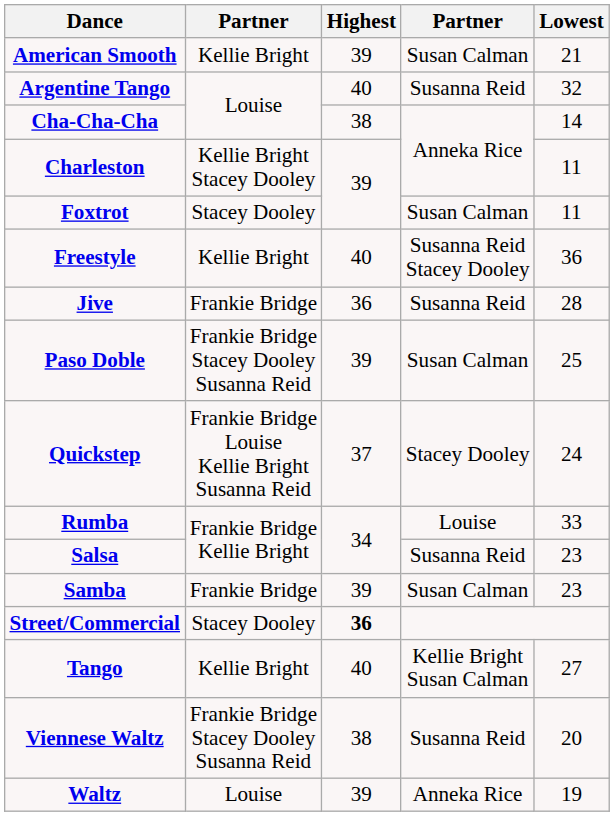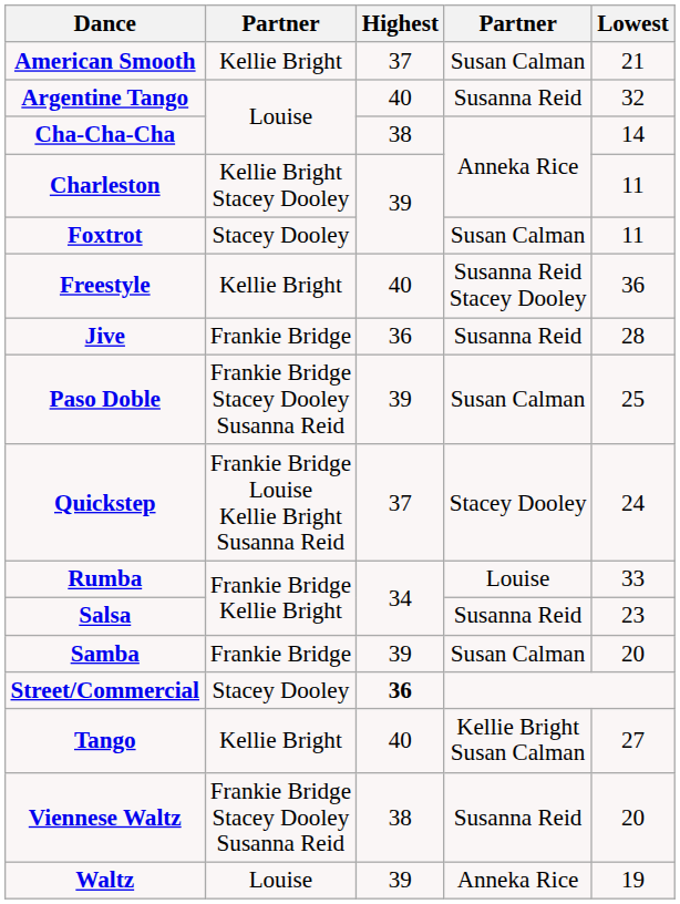 <table class="wikitable sortable collapsed">
 <tr style="text-align:Center; background:#cc;">
 <th>Dance</th>
 <th>Partner</th>
 <th>Highest</th>
 <th>Partner</th>
 <th>Lowest</th>
 </tr>
 <tr style="text-align: center; background:#faf6f6;#">
 <td><strong><a href='#'>American Smooth</a></strong></td>
 <td>Kellie Bright</td>
-<td>39</td>
+<td>37</td>
 <td>Susan Calman</td>
 <td>21</td>
 </tr>
 <tr style="text-align: center; background:#faf6f6;">
 <td><strong><a href='#'>Argentine Tango</a></strong></td>
 <td rowspan="2">Louise</td>
 <td>40</td>
 <td>Susanna Reid</td>
 <td>32</td>
 </tr>
 <tr style="text-align: center; background:#faf6f6;">
 <td><strong><a href='#'>Cha-Cha-Cha</a></strong></td>
 <td>38</td>
 <td rowspan="2">Anneka Rice</td>
 <td>14</td>
 </tr>
 <tr style="text-align: center; background:#faf6f6;">
 <td><strong><a href='#'>Charleston</a></strong></td>
 <td>Kellie Bright<br>Stacey Dooley</td>
 <td rowspan="2">39</td>
 <td>11</td>
 </tr>
 <tr style="text-align: center; background:#faf6f6;">
 <td><strong><a href='#'>Foxtrot</a></strong></td>
 <td>Stacey Dooley</td>
 <td>Susan Calman</td>
 <td>11</td>
 </tr>
 <tr style="text-align: center; background:#faf6f6;">
 <td><strong><a href='#'>Freestyle</a></strong></td>
 <td>Kellie Bright</td>
 <td>40</td>
 <td>Susanna Reid<br>Stacey Dooley</td>
 <td>36</td>
 </tr>
 <tr style="text-align: center; background:#faf6f6;">
 <td><strong><a href='#'>Jive</a></strong></td>
 <td>Frankie Bridge</td>
 <td>36</td>
 <td>Susanna Reid</td>
 <td>28</td>
 </tr>
 <tr style="text-align: center; background:#faf6f6;">
 <td><strong><a href='#'>Paso Doble</a></strong></td>
 <td>Frankie Bridge<br>Stacey Dooley<br>Susanna Reid</td>
 <td>39</td>
 <td>Susan Calman</td>
 <td>25</td>
 </tr>
 <tr style="text-align: center; background:#faf6f6;">
 <td><strong><a href='#'>Quickstep</a></strong></td>
 <td>Frankie Bridge<br>Louise<br>Kellie Bright<br>Susanna Reid</td>
 <td>37</td>
 <td>Stacey Dooley</td>
 <td>24</td>
 </tr>
 <tr style="text-align: center; background:#faf6f6;">
 <td><strong><a href='#'>Rumba</a></strong></td>
 <td rowspan="2">Frankie Bridge<br>Kellie Bright</td>
 <td rowspan="2">34</td>
 <td>Louise</td>
 <td>33</td>
 </tr>
 <tr style="text-align: center; background:#faf6f6;">
 <td><strong><a href='#'>Salsa</a></strong></td>
 <td>Susanna Reid</td>
 <td>23</td>
 </tr>
 <tr style="text-align: center; background:#faf6f6;">
 <td><strong><a href='#'>Samba</a></strong></td>
 <td>Frankie Bridge</td>
 <td>39</td>
 <td>Susan Calman</td>
-<td>23</td>
+<td>20</td>
 </tr>
 <tr style="text-align: center; background:#faf6f6;">
 <td><a href='#'><strong>Street/Commercial</strong></a></td>
 <td>Stacey Dooley</td>
 <td><strong>36</strong></td>
 <td colspan="2"></td>
 </tr>
 <tr style="text-align: center; background:#faf6f6;">
 <td><strong><a href='#'>Tango</a></strong></td>
 <td>Kellie Bright</td>
 <td>40</td>
 <td>Kellie Bright<br>Susan Calman</td>
 <td>27</td>
 </tr>
 <tr style="text-align: center; background:#faf6f6;">
 <td><strong><a href='#'>Viennese Waltz</a></strong></td>
 <td>Frankie Bridge<br>Stacey Dooley<br>Susanna Reid</td>
 <td>38</td>
 <td>Susanna Reid</td>
 <td>20</td>
 </tr>
 <tr style="text-align: center; background:#faf6f6;">
 <td><strong><a href='#'>Waltz</a></strong></td>
 <td>Louise</td>
 <td>39</td>
 <td>Anneka Rice</td>
 <td>19</td>
 </tr>
 </table>
